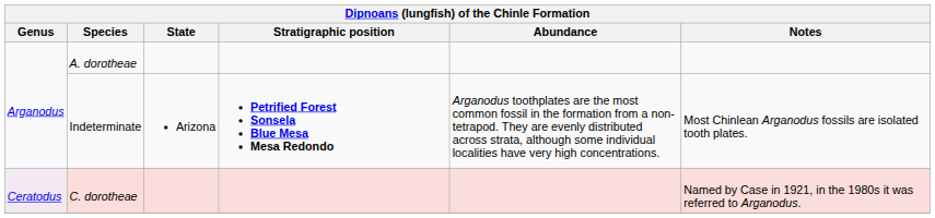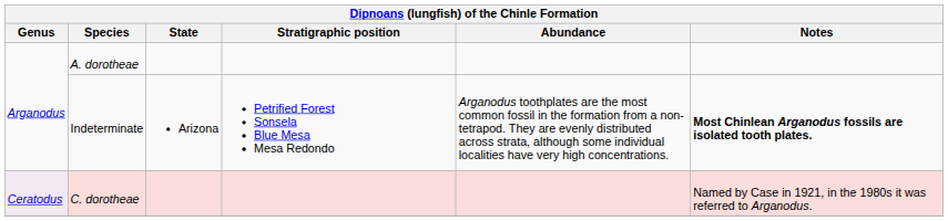 <table class="wikitable" align="center" width="100%">
 <tr>
 <th colspan="7" align="center"><strong><a href='#'>Dipnoans</a> (lungfish) of the Chinle Formation</strong></th>
 </tr>
 <tr>
 <th>Genus</th>
 <th>Species</th>
 <th>State</th>
 <th width="25%">Stratigraphic position</th>
 <th width="25%">Abundance</th>
 <th>Notes</th>
 </tr>
 <tr>
 <td rowspan="2"><br><em><a href='#'>Arganodus</a></em></td>
 <td><br><em>A. dorotheae</em></td>
 <td></td>
 <td></td>
 <td></td>
 <td></td>
 </tr>
 <tr>
 <td><br>Indeterminate</td>
 <td><br><ul><li>Arizona</li></ul></td>
-<td><strong><br><ul><li><a href='#'>Petrified Forest</a></li><li><a href='#'>Sonsela</a></li><li><a href='#'>Blue Mesa</a></li><li>Mesa Redondo</li></ul></strong></td>
+<td><br><ul><li><a href='#'>Petrified Forest</a></li><li><a href='#'>Sonsela</a></li><li><a href='#'>Blue Mesa</a></li><li>Mesa Redondo</li></ul></td>
 <td><br><em>Arganodus</em> toothplates are the most common fossil in the formation from a non-tetrapod. They are evenly distributed across strata, although some individual localities have very high concentrations.</td>
-<td><br>Most Chinlean <em>Arganodus</em> fossils are isolated tooth plates.</td>
+<td><strong><br>Most Chinlean <em>Arganodus</em> fossils are isolated tooth plates.</strong></td>
 </tr>
 <tr>
 <td style="background:#f3e9f3;"><br><em><a href='#'>Ceratodus</a></em></td>
 <td style="background:#fbdddb;"><br><em>C. dorotheae</em></td>
 <td style="background:#fbdddb;"></td>
 <td style="background:#fbdddb;"></td>
 <td style="background:#fbdddb;"></td>
 <td style="background:#fbdddb;"><br>Named by Case in 1921, in the 1980s it was referred to <em>Arganodus</em>.</td>
 </tr>
 <tr>
 </tr>
 </table>
